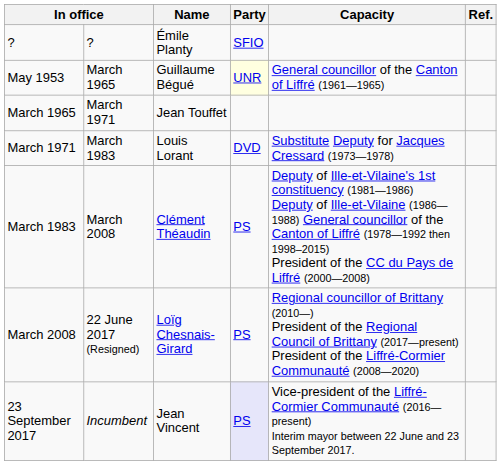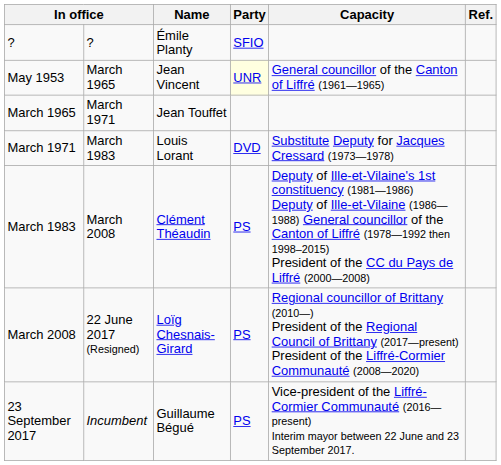 <table class="wikitable">
 <tr>
 <th colspan="2">In office</th>
 <th>Name</th>
 <th>Party</th>
 <th>Capacity</th>
 <th>Ref.</th>
 </tr>
 <tr>
 <td>?</td>
 <td>?</td>
 <td>Émile Planty</td>
 <td><a href='#'>SFIO</a></td>
 <td></td>
 <td></td>
 </tr>
 <tr>
 <td>May 1953</td>
 <td>March 1965</td>
-<td>Guillaume Bégué</td>
+<td>Jean Vincent</td>
 <td style="background: lightyellow;"><a href='#'>UNR</a></td>
 <td><a href='#'>General councillor</a> of the <a href='#'>Canton of Liffré</a> <small>(1961—1965)</small></td>
 <td></td>
 </tr>
 <tr>
 <td>March 1965</td>
 <td>March 1971</td>
 <td>Jean Touffet</td>
 <td></td>
 <td></td>
 <td></td>
 </tr>
 <tr>
 <td>March 1971</td>
 <td>March 1983</td>
 <td>Louis Lorant</td>
 <td><a href='#'>DVD</a></td>
 <td><a href='#'>Substitute</a> <a href='#'>Deputy</a> for <a href='#'>Jacques Cressard</a> <small>(1973—1978)</small></td>
 <td></td>
 </tr>
 <tr>
 <td>March 1983</td>
 <td>March 2008</td>
 <td><a href='#'>Clément Théaudin</a></td>
 <td><a href='#'>PS</a></td>
 <td><a href='#'>Deputy</a> of <a href='#'>Ille-et-Vilaine's 1st constituency</a> <small>(1981—1986)</small><br><a href='#'>Deputy</a> of <a href='#'>Ille-et-Vilaine</a> <small>(1986—1988)</small> <a href='#'>General councillor</a> of the <a href='#'>Canton of Liffré</a> <small>(1978—1992 then 1998–2015)</small><br>President of the <a href='#'>CC du Pays de Liffré</a> <small>(2000—2008)</small></td>
 <td></td>
 </tr>
 <tr>
 <td>March 2008</td>
 <td>22 June 2017<br><small>(Resigned)</small></td>
 <td><a href='#'>Loïg Chesnais-Girard</a></td>
 <td><a href='#'>PS</a></td>
 <td><a href='#'>Regional councillor of Brittany</a> <small>(2010—)</small><br>President of the <a href='#'>Regional Council of Brittany</a> <small>(2017—present)</small> President of the <a href='#'>Liffré-Cormier Communauté</a> <small>(2008—2020)</small></td>
 <td></td>
 </tr>
 <tr>
 <td>23 September 2017</td>
 <td><em>Incumbent</em></td>
-<td>Jean Vincent</td>
-<td style="background: lavender;"><a href='#'>PS</a></td>
+<td>Guillaume Bégué</td>
+<td><a href='#'>PS</a></td>
 <td>Vice-president of the <a href='#'>Liffré-Cormier Communauté</a> <small>(2016—present)</small><br><small>Interim mayor between 22 June and 23 September 2017.</small></td>
 <td></td>
 </tr>
 </table>
